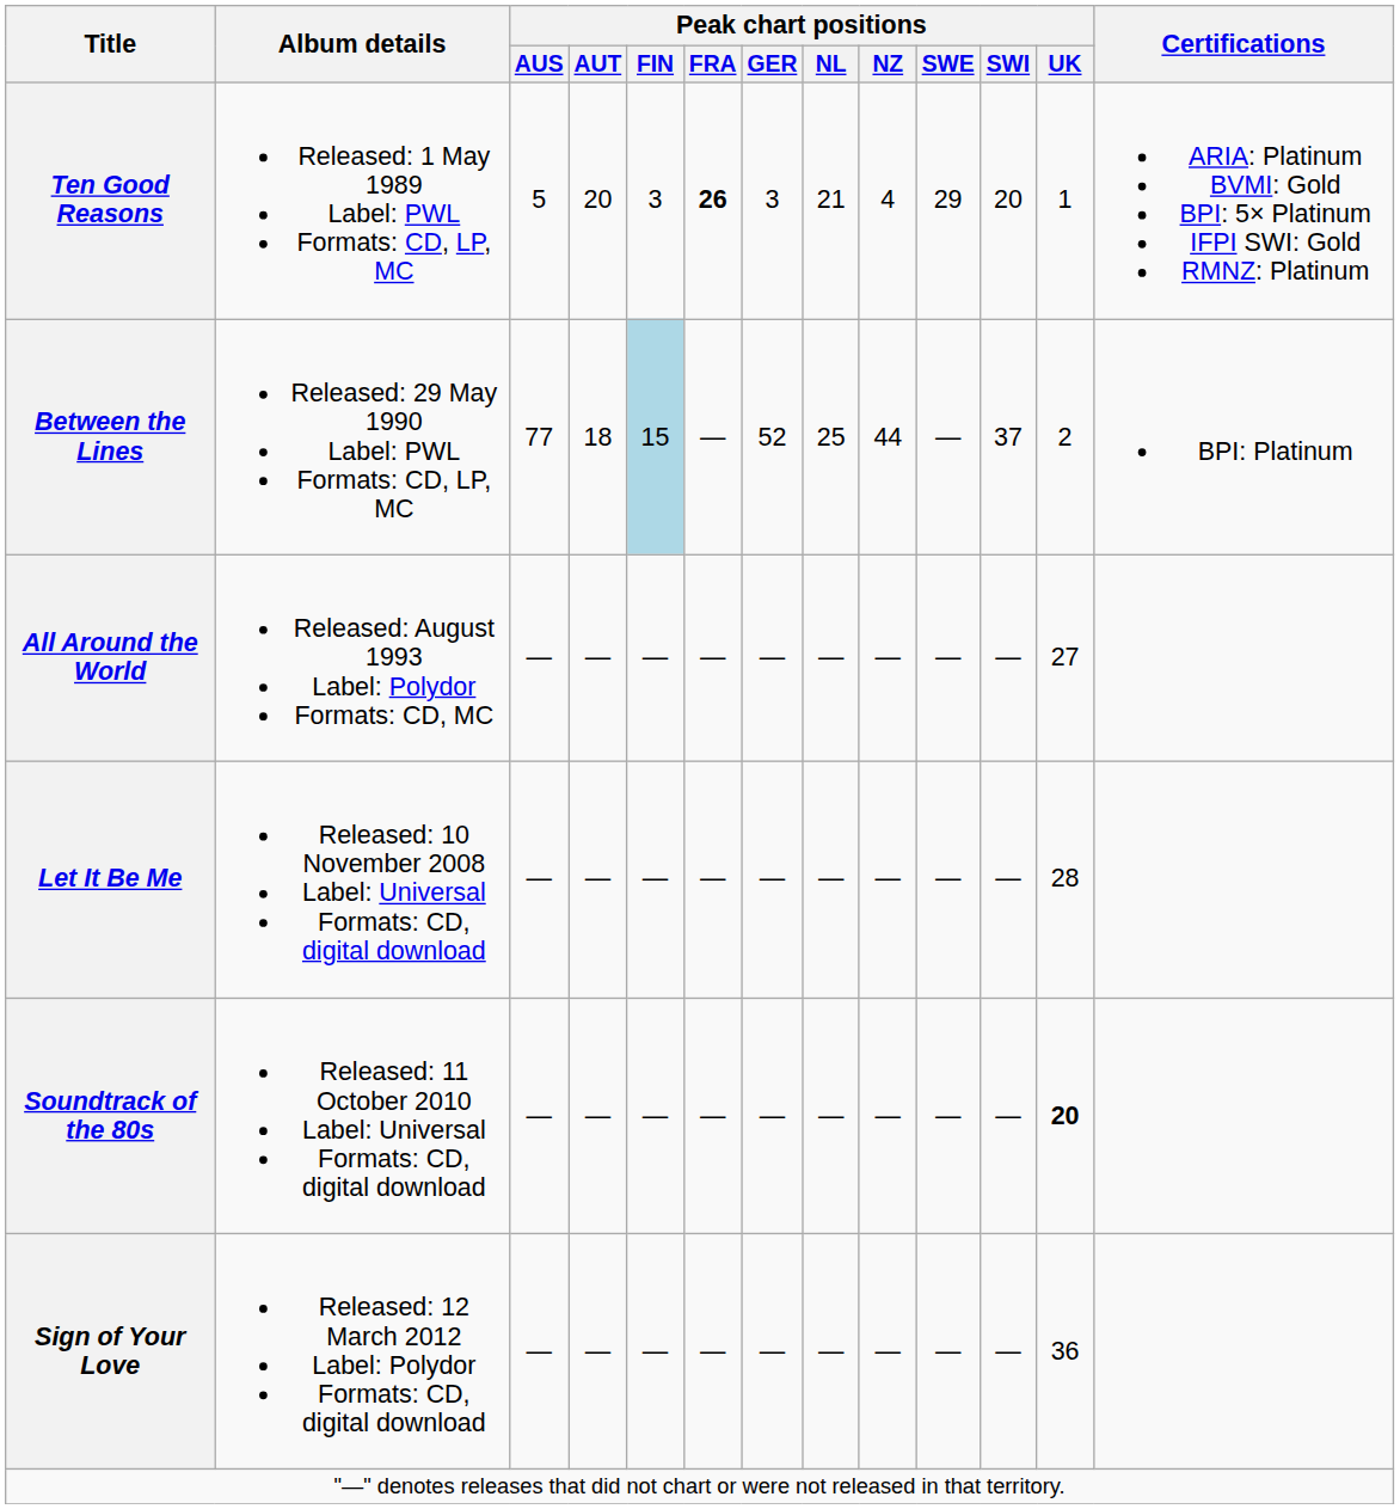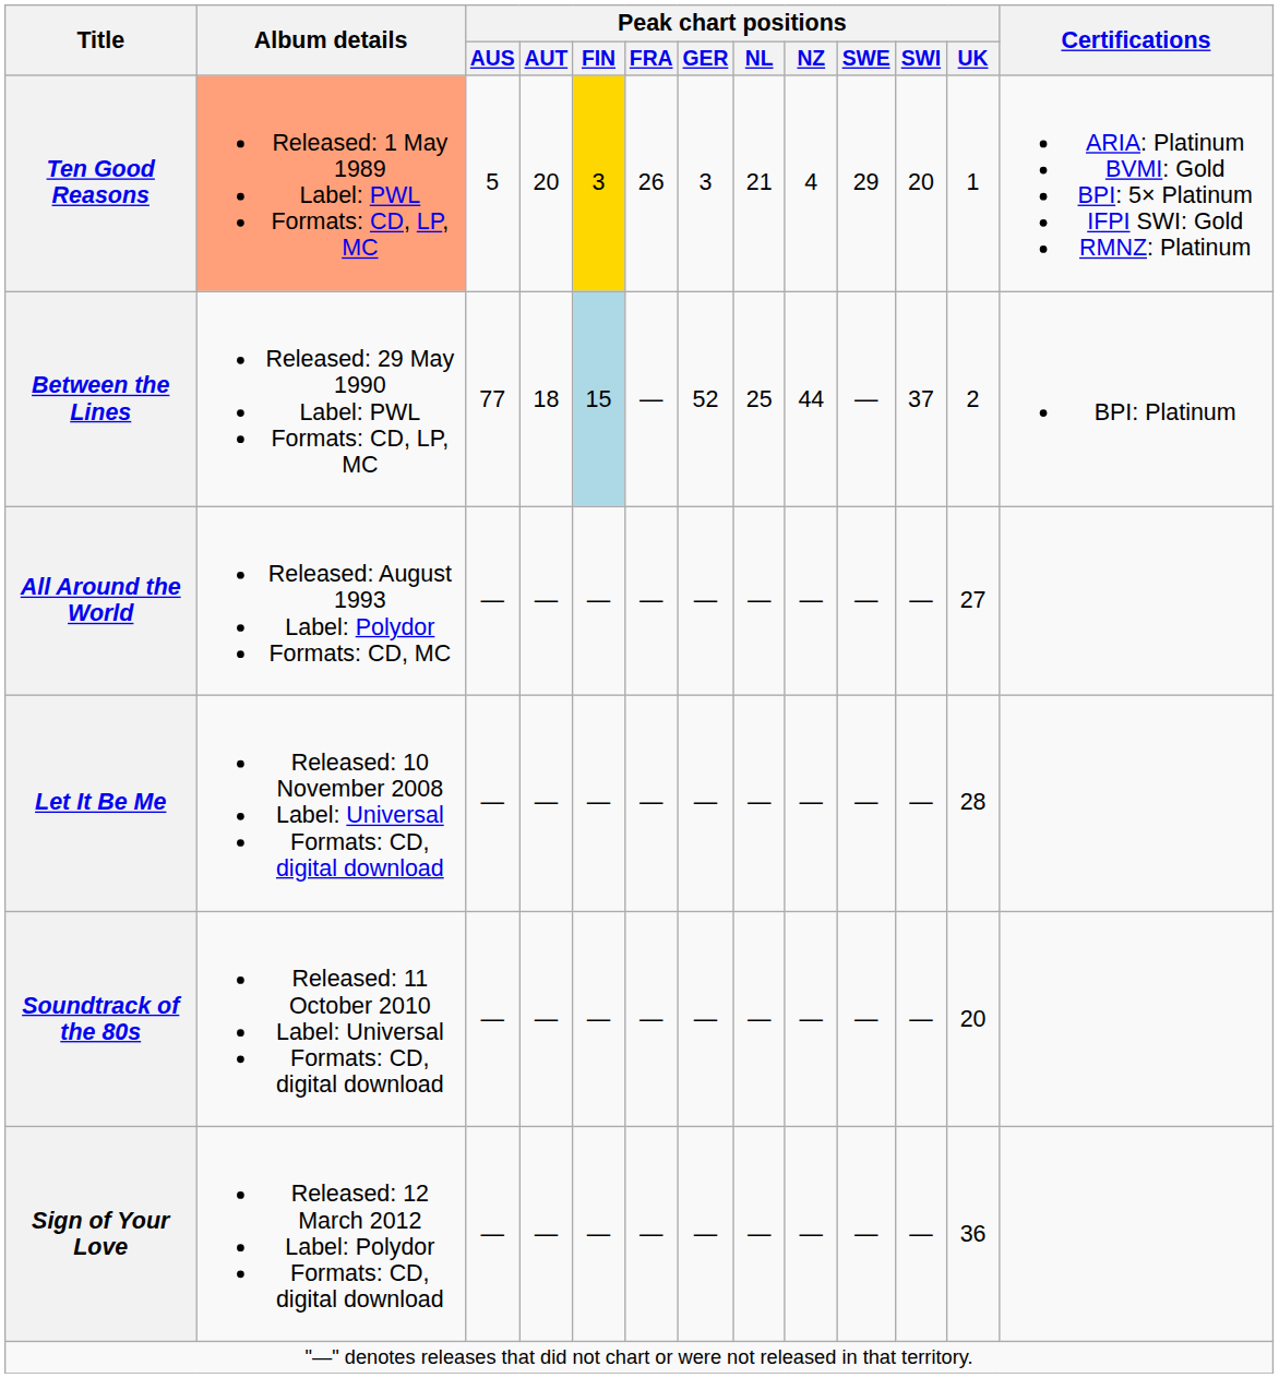 <table class="wikitable plainrowheaders" style="text-align:center;">
 <tr>
 <th scope="col" rowspan="2">Title</th>
 <th scope="col" rowspan="2">Album details</th>
 <th scope="col" colspan="10">Peak chart positions</th>
 <th rowspan="2" style="width:180px;"><a href='#'>Certifications</a></th>
 </tr>
 <tr>
 <th scope="col" style="width:2em;font-size:90%;"><a href='#'>AUS</a><br></th>
 <th scope="col" style="width:2em;font-size:90%;"><a href='#'>AUT</a><br></th>
 <th scope="col" style="width:2em;font-size:90%;"><a href='#'>FIN</a><br></th>
 <th scope="col" style="width:2em;font-size:90%;"><a href='#'>FRA</a><br></th>
 <th scope="col" style="width:2em;font-size:90%;"><a href='#'>GER</a><br></th>
 <th scope="col" style="width:2em;font-size:90%;"><a href='#'>NL</a><br></th>
 <th scope="col" style="width:2em;font-size:90%;"><a href='#'>NZ</a><br></th>
 <th scope="col" style="width:2em;font-size:90%;"><a href='#'>SWE</a><br></th>
 <th scope="col" style="width:2em;font-size:90%;"><a href='#'>SWI</a><br></th>
 <th scope="col" style="width:2em;font-size:90%;"><a href='#'>UK</a><br></th>
 </tr>
 <tr>
 <th scope="row"><em><a href='#'>Ten Good Reasons</a></em></th>
-<td><br><ul><li>Released: 1 May 1989</li><li>Label: <a href='#'>PWL</a></li><li>Formats: <a href='#'>CD</a>, <a href='#'>LP</a>, <a href='#'>MC</a></li></ul></td>
+<td style="background: lightsalmon;"><br><ul><li>Released: 1 May 1989</li><li>Label: <a href='#'>PWL</a></li><li>Formats: <a href='#'>CD</a>, <a href='#'>LP</a>, <a href='#'>MC</a></li></ul></td>
 <td>5</td>
 <td>20</td>
-<td>3</td>
-<td><strong>26</strong></td>
+<td style="background: gold;">3</td>
+<td>26</td>
 <td>3</td>
 <td>21</td>
 <td>4</td>
 <td>29</td>
 <td>20</td>
 <td>1</td>
 <td><br><ul><li><a href='#'>ARIA</a>: Platinum</li><li><a href='#'>BVMI</a>: Gold</li><li><a href='#'>BPI</a>: 5× Platinum</li><li><a href='#'>IFPI</a> SWI: Gold</li><li><a href='#'>RMNZ</a>: Platinum</li></ul></td>
 </tr>
 <tr>
 <th scope="row"><em><a href='#'>Between the Lines</a></em></th>
 <td><br><ul><li>Released: 29 May 1990</li><li>Label: PWL</li><li>Formats: CD, LP, MC</li></ul></td>
 <td>77</td>
 <td>18</td>
 <td style="background: lightblue;">15</td>
 <td>—</td>
 <td>52</td>
 <td>25</td>
 <td>44</td>
 <td>—</td>
 <td>37</td>
 <td>2</td>
 <td><br><ul><li>BPI: Platinum</li></ul></td>
 </tr>
 <tr>
 <th scope="row"><em><a href='#'>All Around the World</a></em></th>
 <td><br><ul><li>Released: August 1993</li><li>Label: <a href='#'>Polydor</a></li><li>Formats: CD, MC</li></ul></td>
 <td>—</td>
 <td>—</td>
 <td>—</td>
 <td>—</td>
 <td>—</td>
 <td>—</td>
 <td>—</td>
 <td>—</td>
 <td>—</td>
 <td>27</td>
 <td></td>
 </tr>
 <tr>
 <th scope="row"><em><a href='#'>Let It Be Me</a></em></th>
 <td><br><ul><li>Released: 10 November 2008</li><li>Label: <a href='#'>Universal</a></li><li>Formats: CD, <a href='#'>digital download</a></li></ul></td>
 <td>—</td>
 <td>—</td>
 <td>—</td>
 <td>—</td>
 <td>—</td>
 <td>—</td>
 <td>—</td>
 <td>—</td>
 <td>—</td>
 <td>28</td>
 <td></td>
 </tr>
 <tr>
 <th scope="row"><em><a href='#'>Soundtrack of the 80s</a></em></th>
 <td><br><ul><li>Released: 11 October 2010</li><li>Label: Universal</li><li>Formats: CD, digital download</li></ul></td>
 <td>—</td>
 <td>—</td>
 <td>—</td>
 <td>—</td>
 <td>—</td>
 <td>—</td>
 <td>—</td>
 <td>—</td>
 <td>—</td>
-<td><strong>20</strong></td>
+<td>20</td>
 <td></td>
 </tr>
 <tr>
 <th scope="row"><em>Sign of Your Love</em></th>
 <td><br><ul><li>Released: 12 March 2012</li><li>Label: Polydor</li><li>Formats: CD, digital download</li></ul></td>
 <td>—</td>
 <td>—</td>
 <td>—</td>
 <td>—</td>
 <td>—</td>
 <td>—</td>
 <td>—</td>
 <td>—</td>
 <td>—</td>
 <td>36</td>
 <td></td>
 </tr>
 <tr>
 <td colspan="13" style="font-size:85%">"—" denotes releases that did not chart or were not released in that territory.</td>
 </tr>
 </table>
